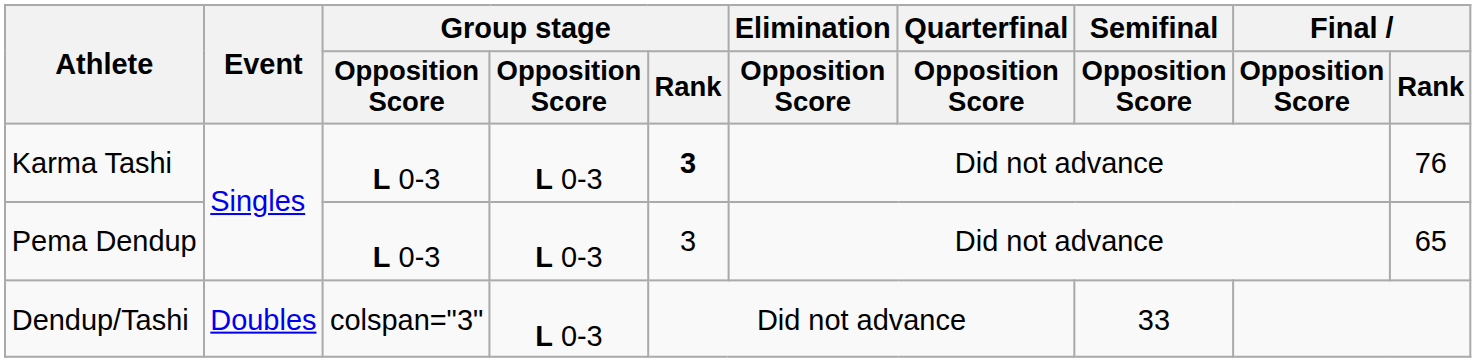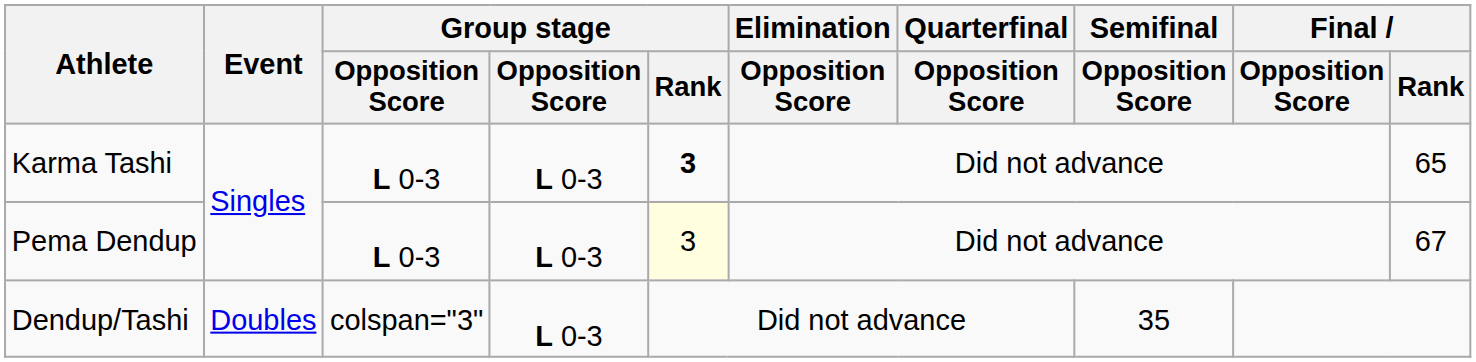 <table class="wikitable" style="font-size:90%">
 <tr>
 <th rowspan="2">Athlete</th>
 <th rowspan="2">Event</th>
 <th colspan="3">Group stage</th>
 <th>Elimination</th>
 <th>Quarterfinal</th>
 <th>Semifinal</th>
 <th colspan=2>Final / </th>
 </tr>
 <tr style="font-size:95%">
 <th>Opposition<br>Score</th>
 <th>Opposition<br>Score</th>
 <th>Rank</th>
 <th>Opposition<br>Score</th>
 <th>Opposition<br>Score</th>
 <th>Opposition<br>Score</th>
 <th>Opposition<br>Score</th>
 <th>Rank</th>
 </tr>
 <tr align=center>
 <td align=left>Karma Tashi</td>
 <td align=left rowspan=2><a href='#'>Singles</a></td>
 <td><br><strong>L</strong> 0-3</td>
 <td><br><strong>L</strong> 0-3</td>
 <td><strong>3</strong></td>
 <td colspan="4">Did not advance</td>
-<td>76</td>
+<td>65</td>
 </tr>
 <tr align=center>
 <td align=left>Pema Dendup</td>
 <td><br><strong>L</strong> 0-3</td>
 <td><br><strong>L</strong> 0-3</td>
-<td>3</td>
+<td style="background: lightyellow;">3</td>
 <td colspan="4">Did not advance</td>
-<td>65</td>
+<td>67</td>
 </tr>
 <tr align=center>
 <td align=left>Dendup/Tashi</td>
 <td align=left><a href='#'>Doubles</a></td>
 <td>colspan="3" </td>
 <td><br><strong>L</strong> 0-3</td>
 <td colspan="3">Did not advance</td>
-<td>33</td>
+<td>35</td>
 </tr>
 </table>
